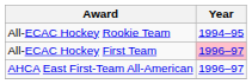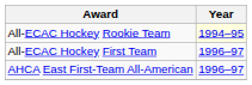 <table class="wikitable">
 <tr>
 <th>Award</th>
 <th>Year</th>
 </tr>
 <tr>
 <td>All-<a href='#'>ECAC Hockey</a> <a href='#'>Rookie Team</a></td>
-<td><a href='#'>1994–95</a></td>
+<td style="background: lightyellow;"><a href='#'>1994–95</a></td>
 </tr>
 <tr>
 <td>All-<a href='#'>ECAC Hockey</a> <a href='#'>First Team</a></td>
-<td style="background: pink;"><a href='#'>1996–97</a></td>
+<td><a href='#'>1996–97</a></td>
 </tr>
 <tr>
 <td><a href='#'>AHCA</a> <a href='#'>East First-Team All-American</a></td>
 <td><a href='#'>1996–97</a></td>
 </tr>
 <tr>
 </tr>
 </table>
